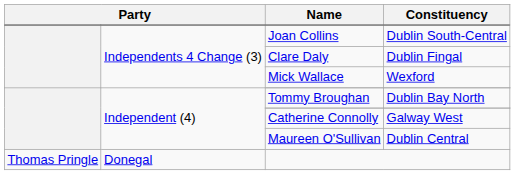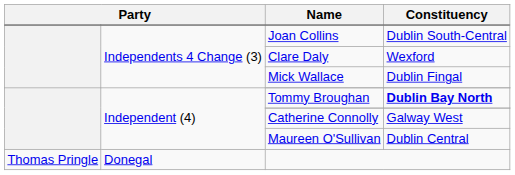 <table class="wikitable sortable">
 <tr style="border-bottom: 2px solid gray;">
 <th colspan=2>Party</th>
 <th>Name</th>
 <th>Constituency</th>
 </tr>
 <tr>
 <th rowspan=3 style="background-color: "></th>
 <td rowspan=3><a href='#'>Independents 4 Change</a> (3)</td>
 <td data-sort-value="Collins, Joan"><a href='#'>Joan Collins</a></td>
 <td><a href='#'>Dublin South-Central</a></td>
 </tr>
 <tr>
 <td data-sort-value="Daly, Clare"><a href='#'>Clare Daly</a></td>
-<td><a href='#'>Dublin Fingal</a></td>
+<td><a href='#'>Wexford</a></td>
 </tr>
 <tr>
 <td data-sort-value="Wallace, Mick"><a href='#'>Mick Wallace</a></td>
-<td><a href='#'>Wexford</a></td>
+<td><a href='#'>Dublin Fingal</a></td>
 </tr>
 <tr>
 <th rowspan=5 style="background-color:"></th>
 <td rowspan=5><a href='#'>Independent</a> (4)</td>
 </tr>
 <tr>
 <td data-sort-value="Broughan, Tommy"><a href='#'>Tommy Broughan</a></td>
-<td><a href='#'>Dublin Bay North</a></td>
+<td><strong><a href='#'>Dublin Bay North</a></strong></td>
 </tr>
 <tr>
 </tr>
 <tr>
 <td data-sort-value="Connolly, Catherine"><a href='#'>Catherine Connolly</a></td>
 <td><a href='#'>Galway West</a></td>
 </tr>
 <tr>
 <td data-sort-value="O'Sullivan, Maureen"><a href='#'>Maureen O'Sullivan</a></td>
 <td><a href='#'>Dublin Central</a></td>
 </tr>
 <tr>
 <td data-sort-value="Pringle, Thomas"><a href='#'>Thomas Pringle</a></td>
 <td><a href='#'>Donegal</a></td>
 </tr>
 </table>
